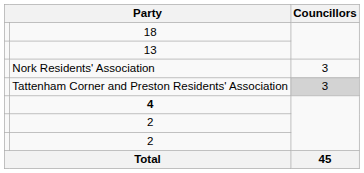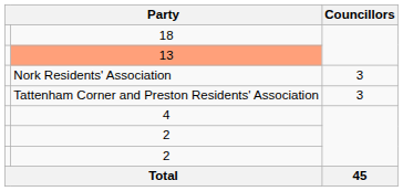 <table class="wikitable">
 <tr>
 <th colspan=2>Party</th>
 <th>Councillors</th>
 </tr>
 <tr>
 <td></td>
 <td align=center>18</td>
 </tr>
 <tr>
 <td></td>
-<td align=center>13</td>
+<td align=center style="background: lightsalmon;">13</td>
 </tr>
 <tr>
 <td></td>
 <td>Nork Residents' Association</td>
 <td align=center>3</td>
 </tr>
 <tr>
 <td></td>
 <td>Tattenham Corner and Preston Residents' Association</td>
-<td align=center style="background: lightgrey;">3</td>
+<td align=center>3</td>
 </tr>
 <tr>
 <td></td>
-<td align=center><strong>4</strong></td>
+<td align=center>4</td>
 </tr>
 <tr>
 <td></td>
 <td align=center>2</td>
 </tr>
 <tr>
 <td></td>
 <td align=center>2</td>
 </tr>
 <tr>
 <th colspan=2>Total</th>
 <th align=center>45</th>
 </tr>
 </table>
